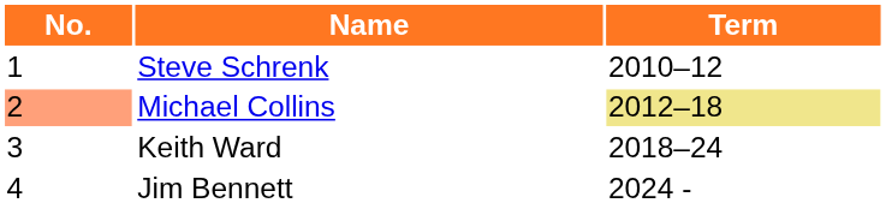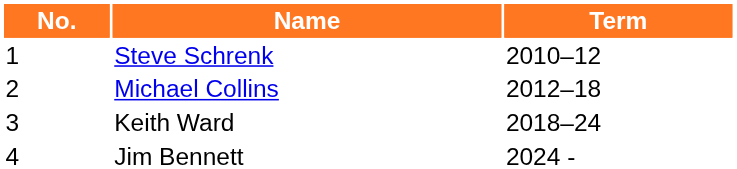 <table class="toccolours" style="width:30em">
 <tr>
 <th style="background:#FF7721;color:white;border:#FF7721 1px solid">No.</th>
 <th style="background:#FF7721;color:white;border:#FF7721 1px solid">Name</th>
 <th style="background:#FF7721;color:white;border:#FF7721 1px solid">Term</th>
 </tr>
 <tr>
 <td>1</td>
 <td> <a href='#'>Steve Schrenk</a></td>
 <td>2010–12</td>
 </tr>
 <tr>
-<td style="background: lightsalmon;">2</td>
+<td>2</td>
 <td> <a href='#'>Michael Collins</a></td>
-<td style="background: khaki;">2012–18</td>
+<td>2012–18</td>
 </tr>
 <tr>
 <td>3</td>
 <td> Keith Ward</td>
 <td>2018–24</td>
 </tr>
 <tr>
 <td>4</td>
 <td> Jim Bennett</td>
 <td>2024 -</td>
 </tr>
 <tr>
 </tr>
 </table>
